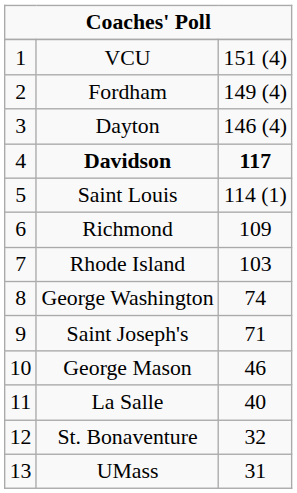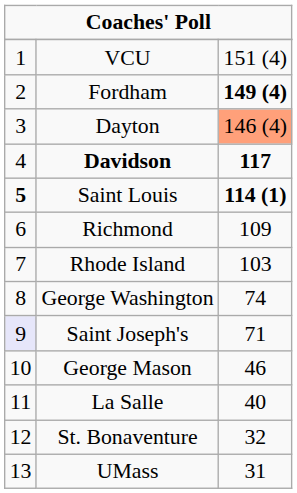 <table class="wikitable" style="display: inline-table;">
 <tr>
 <td align="center" Colspan="3"><strong>Coaches' Poll</strong></td>
 </tr>
 <tr align="center">
 </tr>
 <tr align="center">
 <td>1</td>
 <td>VCU</td>
 <td>151 (4)</td>
 </tr>
 <tr align="center">
 <td>2</td>
 <td>Fordham</td>
-<td>149 (4)</td>
+<td><strong>149 (4)</strong></td>
 </tr>
 <tr align="center">
 <td>3</td>
 <td>Dayton</td>
-<td>146 (4)</td>
+<td style="background: lightsalmon;">146 (4)</td>
 </tr>
 <tr align="center">
 <td>4</td>
 <td><strong>Davidson</strong></td>
 <td><strong>117</strong></td>
 </tr>
 <tr align="center">
-<td>5</td>
+<td><strong>5</strong></td>
 <td>Saint Louis</td>
-<td>114 (1)</td>
+<td><strong>114 (1)</strong></td>
 </tr>
 <tr align="center">
 <td>6</td>
 <td>Richmond</td>
 <td>109</td>
 </tr>
 <tr align="center">
 <td>7</td>
 <td>Rhode Island</td>
 <td>103</td>
 </tr>
 <tr align="center">
 <td>8</td>
 <td>George Washington</td>
 <td>74</td>
 </tr>
 <tr align="center">
-<td>9</td>
+<td style="background: lavender;">9</td>
 <td>Saint Joseph's</td>
 <td>71</td>
 </tr>
 <tr align="center">
 <td>10</td>
 <td>George Mason</td>
 <td>46</td>
 </tr>
 <tr align="center">
 <td>11</td>
 <td>La Salle</td>
 <td>40</td>
 </tr>
 <tr align="center">
 <td>12</td>
 <td>St. Bonaventure</td>
 <td>32</td>
 </tr>
 <tr align="center">
 <td>13</td>
 <td>UMass</td>
 <td>31</td>
 </tr>
 </table>
